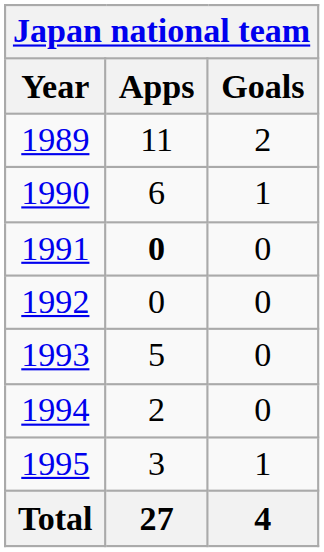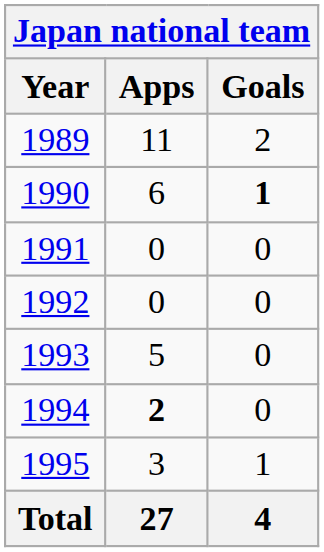 <table class="wikitable" style="text-align:center">
 <tr>
 <th colspan=3><a href='#'>Japan national team</a></th>
 </tr>
 <tr>
 <th>Year</th>
 <th>Apps</th>
 <th>Goals</th>
 </tr>
 <tr>
 <td><a href='#'>1989</a></td>
 <td>11</td>
 <td>2</td>
 </tr>
 <tr>
 <td><a href='#'>1990</a></td>
 <td>6</td>
-<td>1</td>
+<td><strong>1</strong></td>
 </tr>
 <tr>
 <td><a href='#'>1991</a></td>
-<td><strong>0</strong></td>
+<td>0</td>
 <td>0</td>
 </tr>
 <tr>
 <td><a href='#'>1992</a></td>
 <td>0</td>
 <td>0</td>
 </tr>
 <tr>
 <td><a href='#'>1993</a></td>
 <td>5</td>
 <td>0</td>
 </tr>
 <tr>
 <td><a href='#'>1994</a></td>
-<td>2</td>
+<td><strong>2</strong></td>
 <td>0</td>
 </tr>
 <tr>
 <td><a href='#'>1995</a></td>
 <td>3</td>
 <td>1</td>
 </tr>
 <tr>
 <th>Total</th>
 <th>27</th>
 <th>4</th>
 </tr>
 </table>
